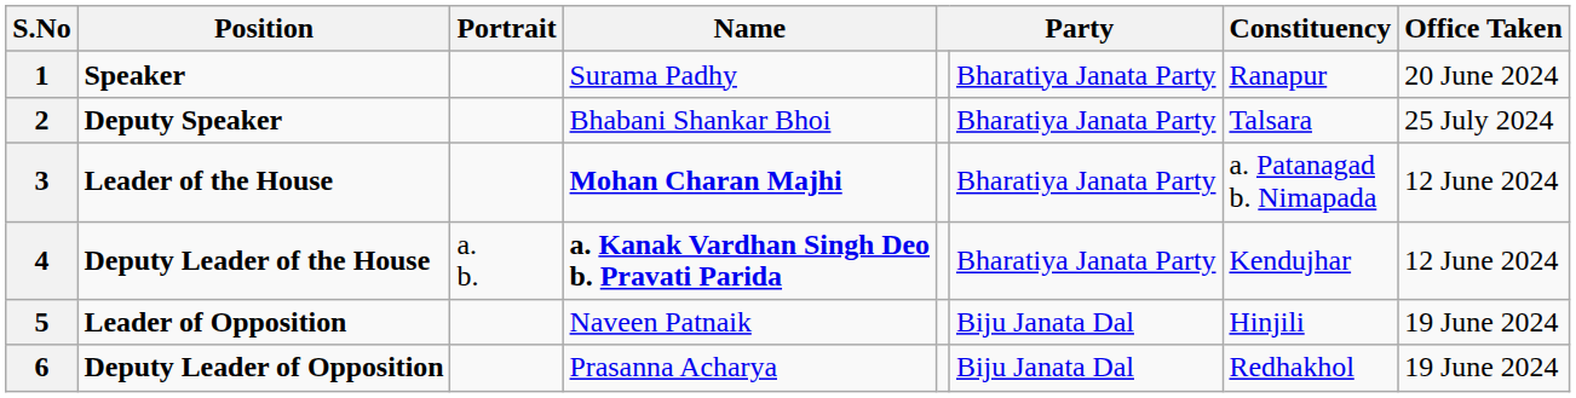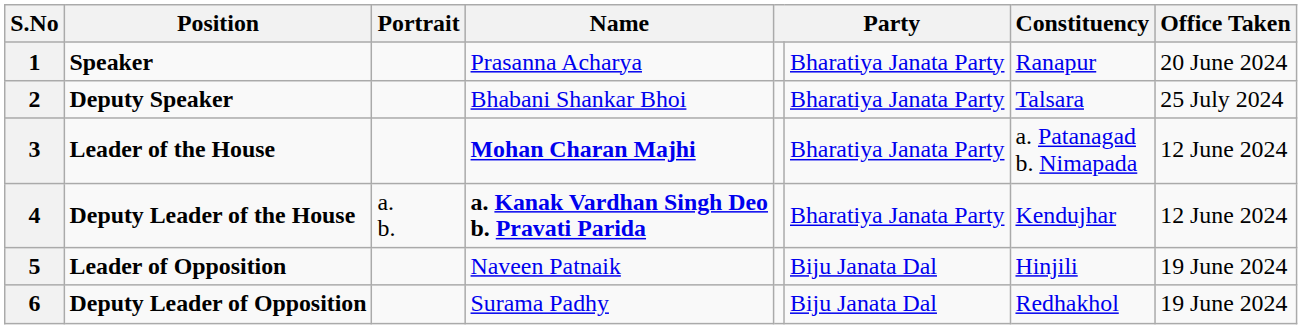 <table class="wikitable">
 <tr>
 <th>S.No</th>
 <th>Position</th>
 <th>Portrait</th>
 <th>Name</th>
 <th colspan="2">Party</th>
 <th>Constituency</th>
 <th>Office Taken</th>
 </tr>
 <tr>
 <th><strong>1</strong></th>
 <td><strong>Speaker</strong></td>
 <td></td>
-<td><a href='#'>Surama Padhy</a></td>
+<td><a href='#'>Prasanna Acharya</a></td>
 <td style="background:"></td>
 <td><a href='#'>Bharatiya Janata Party</a></td>
 <td><a href='#'>Ranapur</a></td>
 <td>20 June 2024</td>
 </tr>
 <tr>
 <th><strong>2</strong></th>
 <td><strong>Deputy Speaker</strong></td>
 <td></td>
 <td><a href='#'>Bhabani Shankar Bhoi</a></td>
 <td style="background:"></td>
 <td><a href='#'>Bharatiya Janata Party</a></td>
 <td><a href='#'>Talsara</a></td>
 <td>25 July 2024</td>
 </tr>
 <tr>
 <th><strong>3</strong></th>
 <td><strong>Leader of the House</strong></td>
 <td></td>
 <td><strong><a href='#'>Mohan Charan Majhi</a></strong></td>
 <td style="background:"></td>
 <td><a href='#'>Bharatiya Janata Party</a></td>
 <td>a. <a href='#'>Patanagad</a><br>b. <a href='#'>Nimapada</a></td>
 <td>12 June 2024</td>
 </tr>
 <tr>
 <th><strong>4</strong></th>
 <td><strong>Deputy Leader of the House</strong></td>
 <td>a. <br>b.</td>
 <td><strong>a. <a href='#'>Kanak Vardhan Singh Deo</a><br>b. <a href='#'>Pravati Parida</a></strong></td>
 <td style="background:"></td>
 <td><a href='#'>Bharatiya Janata Party</a></td>
 <td><a href='#'>Kendujhar</a></td>
 <td>12 June 2024</td>
 </tr>
 <tr>
 <th><strong>5</strong></th>
 <td><strong>Leader of Opposition</strong></td>
 <td></td>
 <td><a href='#'>Naveen Patnaik</a></td>
 <td style="background:"></td>
 <td><a href='#'>Biju Janata Dal</a></td>
 <td><a href='#'>Hinjili</a></td>
 <td>19 June 2024</td>
 </tr>
 <tr>
 <th>6</th>
 <td><strong>Deputy Leader of Opposition</strong></td>
 <td></td>
-<td><a href='#'>Prasanna Acharya</a></td>
+<td><a href='#'>Surama Padhy</a></td>
 <td style="background:"></td>
 <td><a href='#'>Biju Janata Dal</a></td>
 <td><a href='#'>Redhakhol</a></td>
 <td>19 June 2024</td>
 </tr>
 </table>
